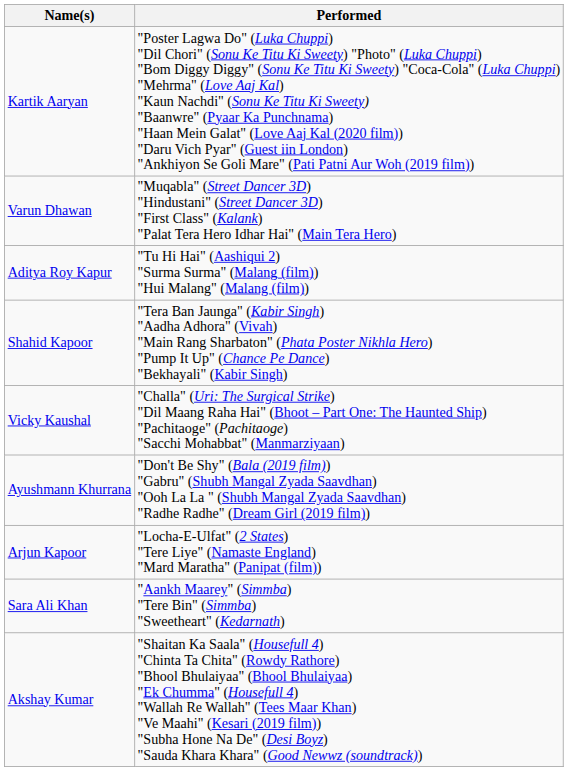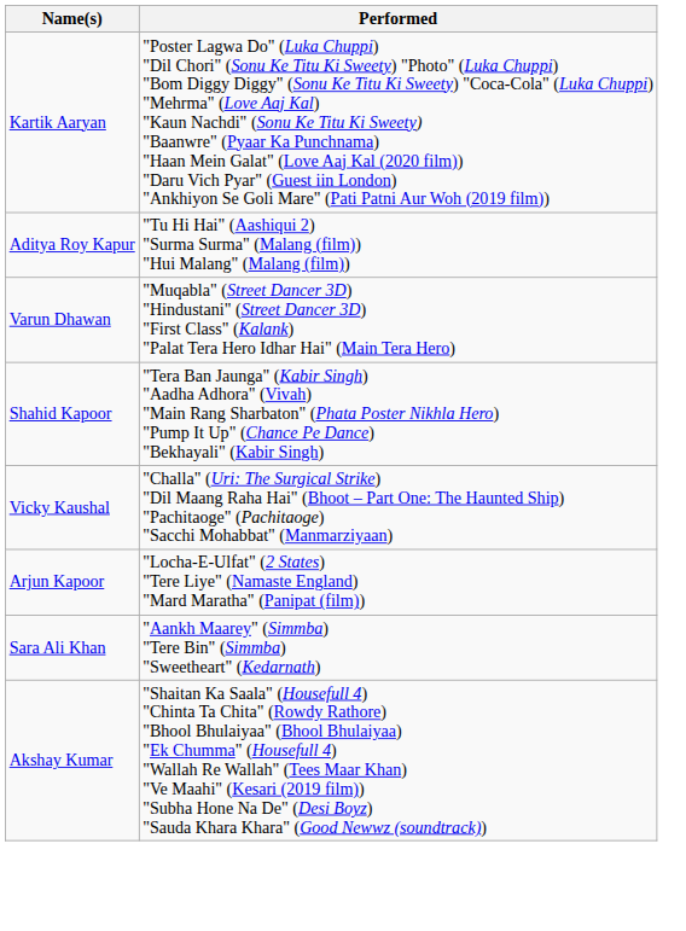 <table class="wikitable">
 <tr>
 <th>Name(s)</th>
 <th>Performed</th>
 </tr>
 <tr>
 <td><a href='#'>Kartik Aaryan</a></td>
 <td>"Poster Lagwa Do" (<em><a href='#'>Luka Chuppi</a></em>)<br>"Dil Chori" (<em><a href='#'>Sonu Ke Titu Ki Sweety</a></em>) "Photo" (<em><a href='#'>Luka Chuppi</a></em>)<br>"Bom Diggy Diggy" (<em><a href='#'>Sonu Ke Titu Ki Sweety</a></em>) "Coca-Cola" (<em><a href='#'>Luka Chuppi</a></em>)<br>"Mehrma" (<em><a href='#'>Love Aaj Kal</a></em>)<br>"Kaun Nachdi" (<em><a href='#'>Sonu Ke Titu Ki Sweety</a>)</em><br>"Baanwre" (<a href='#'>Pyaar Ka Punchnama</a>)<br>"Haan Mein Galat" (<a href='#'>Love Aaj Kal (2020 film)</a>)<br>"Daru Vich Pyar" (<a href='#'>Guest iin London</a>)<br>"Ankhiyon Se Goli Mare" (<a href='#'>Pati Patni Aur Woh (2019 film)</a>)</td>
 </tr>
 <tr>
+<td><a href='#'>Aditya Roy Kapur</a></td>
+<td>"Tu Hi Hai" (<a href='#'>Aashiqui 2</a>)<br>"Surma Surma" (<a href='#'>Malang (film)</a>)<br>"Hui Malang" (<a href='#'>Malang (film)</a>)</td>
+</tr>
+<tr>
 <td><a href='#'>Varun Dhawan</a></td>
 <td>"Muqabla" (<em><a href='#'>Street Dancer 3D</a></em>)<br>"Hindustani" (<em><a href='#'>Street Dancer 3D</a></em>)<br>"First Class" (<em><a href='#'>Kalank</a></em>)<br>"Palat Tera Hero Idhar Hai" (<a href='#'>Main Tera Hero</a>)</td>
-</tr>
-<tr>
-<td><a href='#'>Aditya Roy Kapur</a></td>
-<td>"Tu Hi Hai" (<a href='#'>Aashiqui 2</a>)<br>"Surma Surma" (<a href='#'>Malang (film)</a>)<br>"Hui Malang" (<a href='#'>Malang (film)</a>)</td>
 </tr>
 <tr>
 <td><a href='#'>Shahid Kapoor</a></td>
 <td>"Tera Ban Jaunga" (<em><a href='#'>Kabir Singh</a></em>)<br>"Aadha Adhora" (<a href='#'>Vivah</a>)<br>"Main Rang Sharbaton" (<em><a href='#'>Phata Poster Nikhla Hero</a></em>)<br>"Pump It Up" (<em><a href='#'>Chance Pe Dance</a></em>)<br>"Bekhayali" (<a href='#'>Kabir Singh</a>)</td>
 </tr>
 <tr>
 <td><a href='#'>Vicky Kaushal</a></td>
 <td>"Challa" (<em><a href='#'>Uri: The Surgical Strike</a></em>)<br>"Dil Maang Raha Hai" (<a href='#'>Bhoot – Part One: The Haunted Ship</a>)<br>"Pachitaoge" (<em>Pachitaoge</em>)<br>"Sacchi Mohabbat" (<a href='#'>Manmarziyaan</a>)</td>
-</tr>
-<tr>
-<td><a href='#'>Ayushmann Khurrana</a></td>
-<td>"Don't Be Shy" (<em><a href='#'>Bala (2019 film)</a></em>)<br>"Gabru" (<a href='#'>Shubh Mangal Zyada Saavdhan</a>)<br>"Ooh La La " (<a href='#'>Shubh Mangal Zyada Saavdhan</a>)<br>"Radhe Radhe" (<a href='#'>Dream Girl (2019 film)</a>)</td>
 </tr>
 <tr>
 <td><a href='#'>Arjun Kapoor</a></td>
 <td>"Locha-E-Ulfat" (<em><a href='#'>2 States</a></em>)<br>"Tere Liye" (<a href='#'>Namaste England</a>)<br>"Mard Maratha" (<a href='#'>Panipat (film)</a>)</td>
 </tr>
 <tr>
 <td><a href='#'>Sara Ali Khan</a><br></td>
 <td>"<a href='#'>Aankh Maarey</a>" (<em><a href='#'>Simmba</a></em>) <br>"Tere Bin" (<em><a href='#'>Simmba</a></em>)<br>"Sweetheart" (<em><a href='#'>Kedarnath</a></em>)<br></td>
 </tr>
 <tr>
 <td><a href='#'>Akshay Kumar</a></td>
 <td>"Shaitan Ka Saala" (<em><a href='#'>Housefull 4</a></em>)<br>"Chinta Ta Chita" (<a href='#'>Rowdy Rathore</a>)<br>"Bhool Bhulaiyaa" (<a href='#'>Bhool Bhulaiyaa</a>)<br>"<a href='#'>Ek Chumma</a>" (<em><a href='#'>Housefull 4</a></em>)<br>"Wallah Re Wallah" (<a href='#'>Tees Maar Khan</a>)<br>"Ve Maahi" (<a href='#'>Kesari (2019 film)</a>)<br>"Subha Hone Na De" (<em><a href='#'>Desi Boyz</a></em>)<br>"Sauda Khara Khara" (<em><a href='#'>Good Newwz (soundtrack)</a></em>)</td>
 </tr>
 </table>
